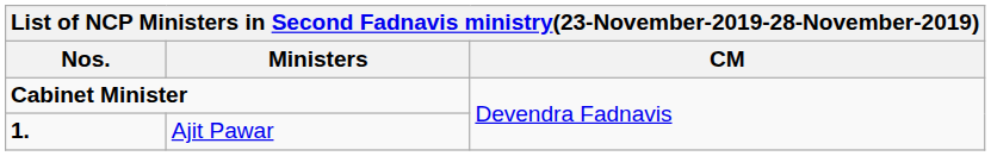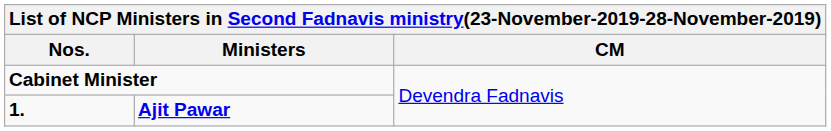 <table class="wikitable">
 <tr>
 <th colspan="3">List of NCP Ministers in <a href='#'>Second Fadnavis ministry</a>(23-November-2019-28-November-2019)</th>
 </tr>
 <tr>
 <th>Nos.</th>
 <th>Ministers</th>
 <th>CM</th>
 </tr>
 <tr>
 <td colspan="2"><strong>Cabinet Minister</strong></td>
 <td rowspan="2"><a href='#'>Devendra Fadnavis</a></td>
 </tr>
 <tr>
 <td><strong>1.</strong></td>
-<td><a href='#'>Ajit Pawar</a></td>
+<td><strong><a href='#'>Ajit Pawar</a></strong></td>
 </tr>
 </table>
